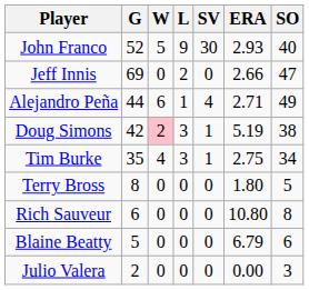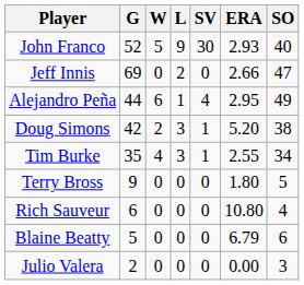 <table class="wikitable sortable">
 <tr>
 <th>Player</th>
 <th>G</th>
 <th>W</th>
 <th>L</th>
 <th>SV</th>
 <th>ERA</th>
 <th>SO</th>
 </tr>
 <tr align="center">
 <td><a href='#'>John Franco</a></td>
 <td>52</td>
 <td>5</td>
 <td>9</td>
 <td>30</td>
 <td>2.93</td>
 <td>40</td>
 </tr>
 <tr align=center>
 <td><a href='#'>Jeff Innis</a></td>
 <td>69</td>
 <td>0</td>
 <td>2</td>
 <td>0</td>
 <td>2.66</td>
 <td>47</td>
 </tr>
 <tr align=center>
 <td><a href='#'>Alejandro Peña</a></td>
 <td>44</td>
 <td>6</td>
 <td>1</td>
 <td>4</td>
-<td>2.71</td>
+<td>2.95</td>
 <td>49</td>
 </tr>
 <tr align=center>
 <td><a href='#'>Doug Simons</a></td>
 <td>42</td>
-<td style="background: pink;">2</td>
+<td>2</td>
 <td>3</td>
 <td>1</td>
-<td>5.19</td>
+<td>5.20</td>
 <td>38</td>
 </tr>
 <tr align=center>
 <td><a href='#'>Tim Burke</a></td>
 <td>35</td>
 <td>4</td>
 <td>3</td>
 <td>1</td>
-<td>2.75</td>
+<td>2.55</td>
 <td>34</td>
 </tr>
 <tr align=center>
 <td><a href='#'>Terry Bross</a></td>
-<td>8</td>
+<td>9</td>
 <td>0</td>
 <td>0</td>
 <td>0</td>
 <td>1.80</td>
 <td>5</td>
 </tr>
 <tr align=center>
 <td><a href='#'>Rich Sauveur</a></td>
 <td>6</td>
 <td>0</td>
 <td>0</td>
 <td>0</td>
 <td>10.80</td>
-<td>8</td>
+<td>4</td>
 </tr>
 <tr align=center>
 <td><a href='#'>Blaine Beatty</a></td>
 <td>5</td>
 <td>0</td>
 <td>0</td>
 <td>0</td>
 <td>6.79</td>
 <td>6</td>
 </tr>
 <tr align=center>
 <td><a href='#'>Julio Valera</a></td>
 <td>2</td>
 <td>0</td>
 <td>0</td>
 <td>0</td>
 <td>0.00</td>
 <td>3</td>
 </tr>
 </table>
